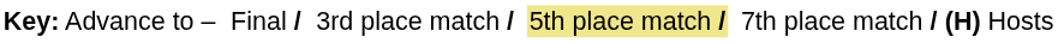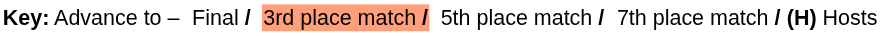 <table style="font-size: 85%;">
 <tr>
 <td height=5></td>
 </tr>
 <tr>
 <td><strong>Key:</strong> Advance to –</td>
 <td></td>
 <td>Final <strong>/</strong></td>
 <td></td>
-<td>3rd place match <strong>/</strong></td>
+<td style="background: lightsalmon;">3rd place match <strong>/</strong></td>
 <td></td>
-<td style="background: khaki;">5th place match <strong>/</strong></td>
+<td>5th place match <strong>/</strong></td>
 <td></td>
 <td>7th place match <strong>/</strong></td>
 <td><strong>(H)</strong> Hosts</td>
 </tr>
 </table>
